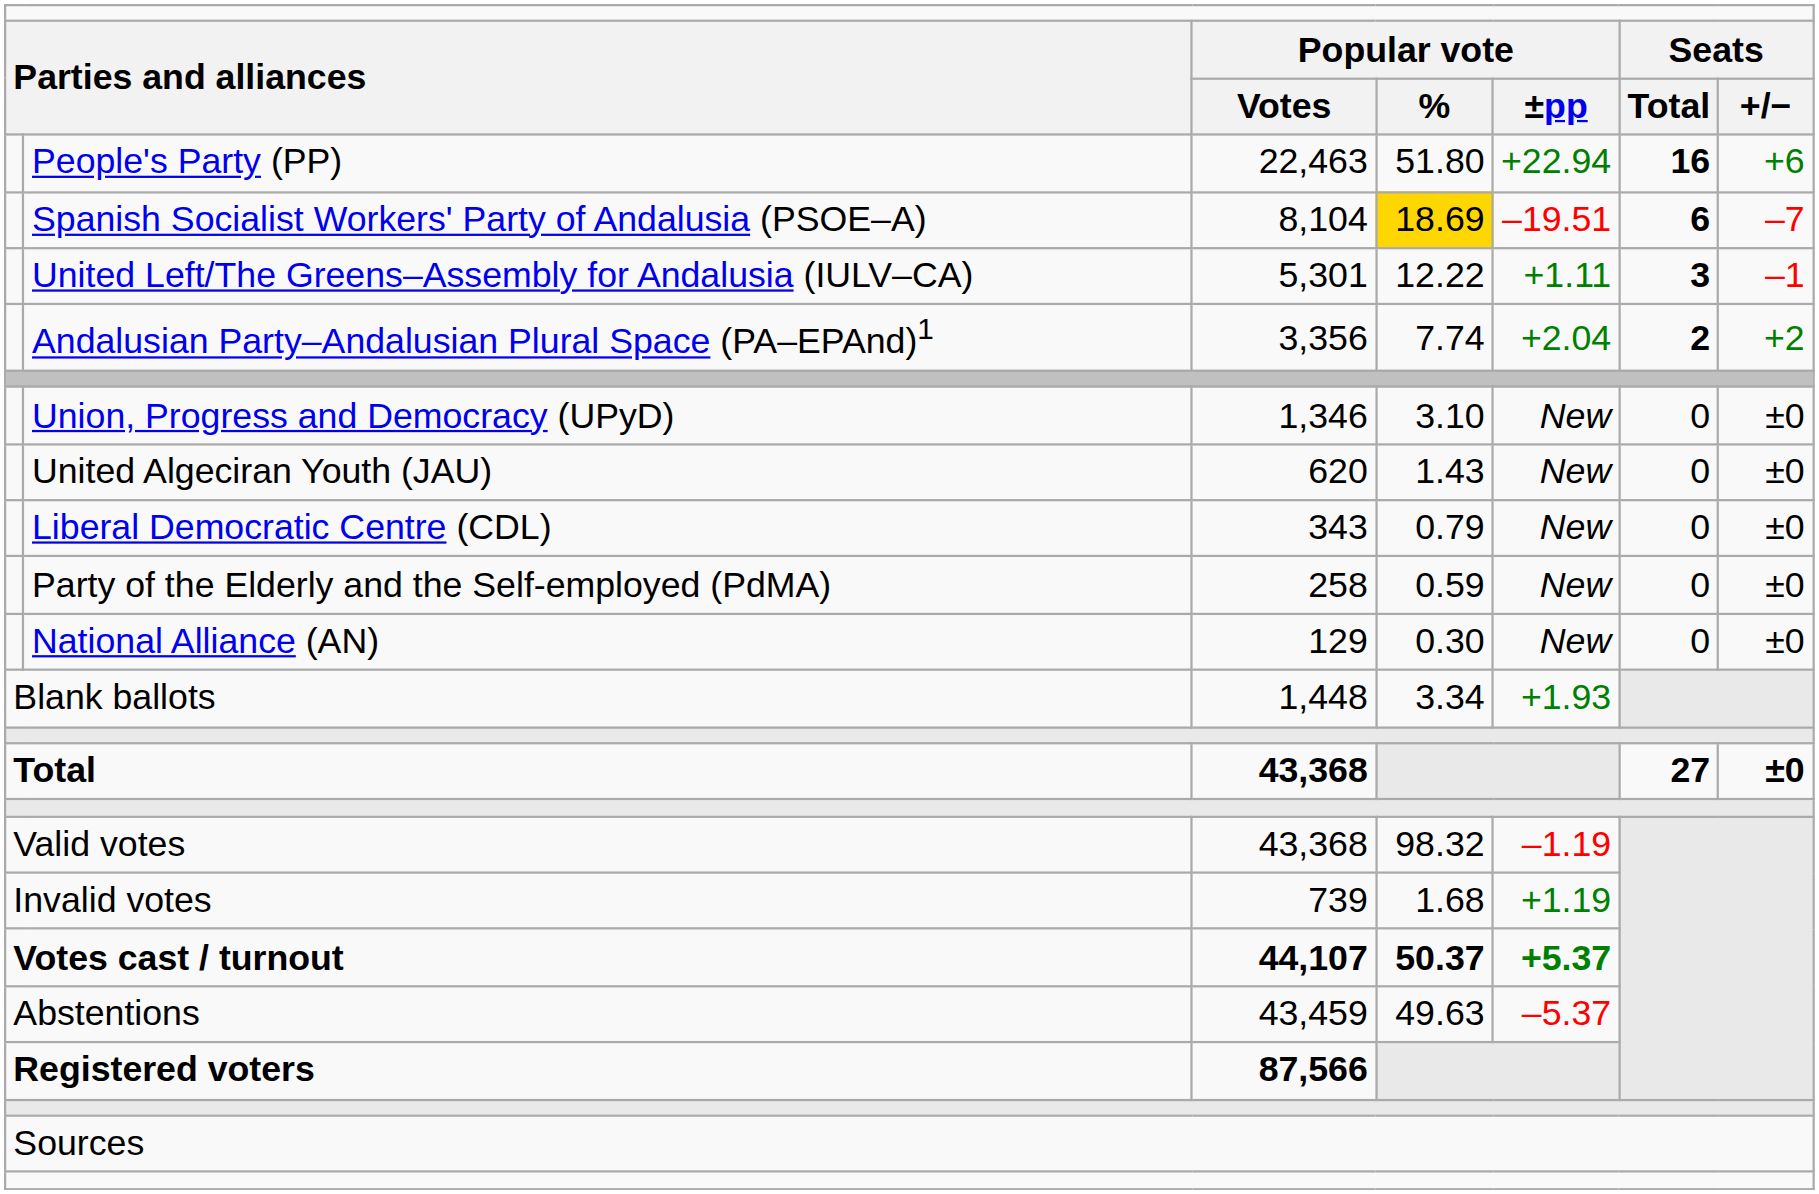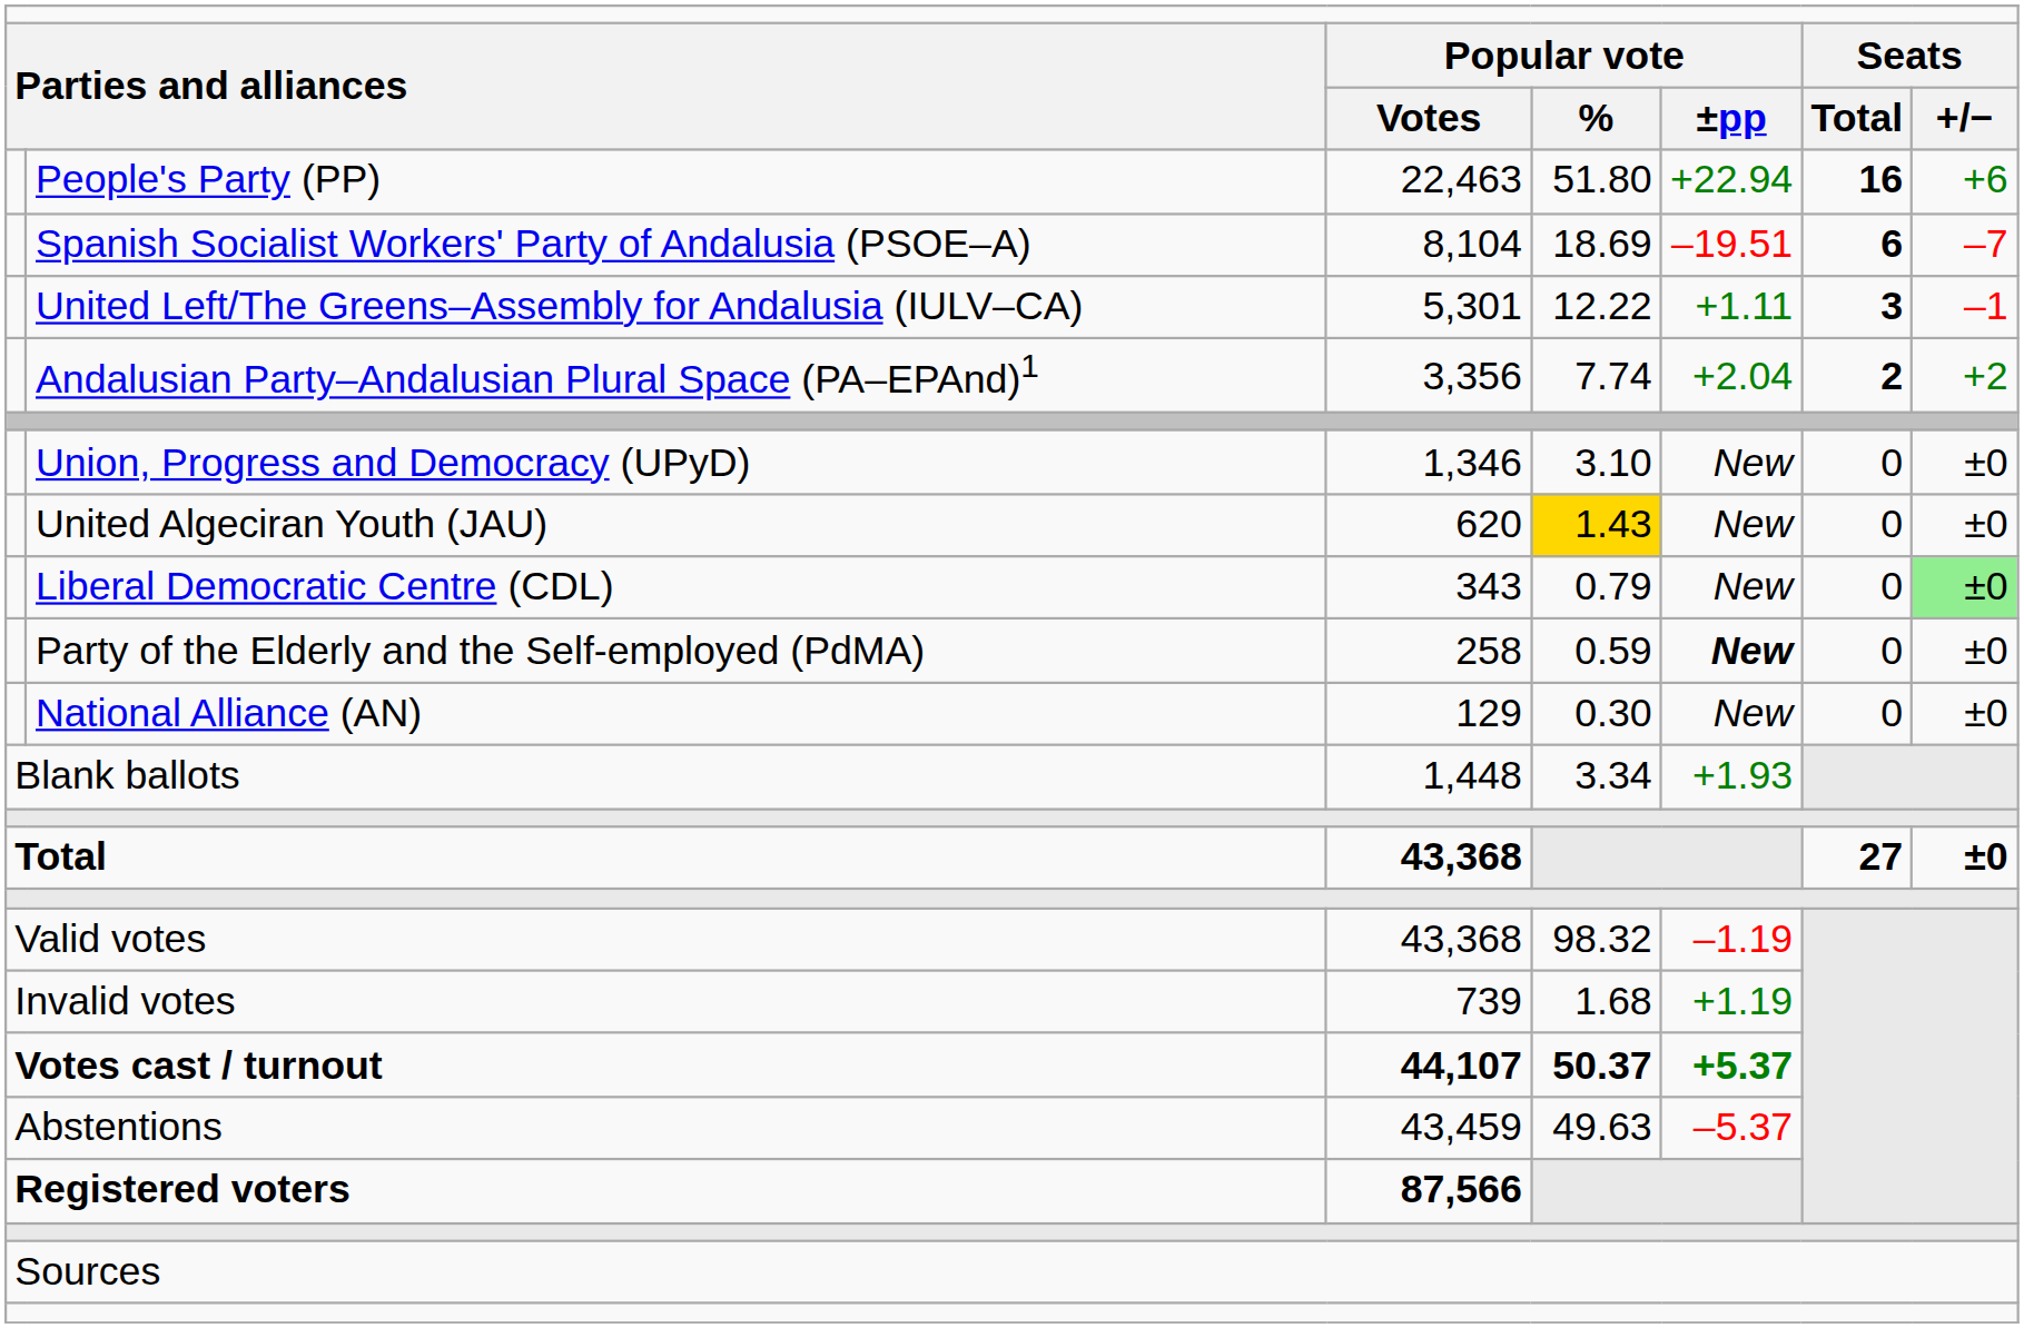 <table class="wikitable" style="text-align:right;">
 <tr>
 <td colspan="7"></td>
 </tr>
 <tr>
 <th style="text-align:left;" rowspan="2" colspan="2" width="525">Parties and alliances</th>
 <th colspan="3">Popular vote</th>
 <th colspan="2">Seats</th>
 </tr>
 <tr>
 <th width="75">Votes</th>
 <th width="45">%</th>
 <th width="45">±<a href='#'>pp</a></th>
 <th width="35">Total</th>
 <th width="35">+/−</th>
 </tr>
 <tr>
 <td width="1" style="color:inherit;background:"></td>
 <td align="left"><a href='#'>People's Party</a> (PP)</td>
 <td>22,463</td>
 <td>51.80</td>
 <td style="color:green;">+22.94</td>
 <td><strong>16</strong></td>
 <td style="color:green;">+6</td>
 </tr>
 <tr>
 <td style="color:inherit;background:"></td>
 <td align="left"><a href='#'>Spanish Socialist Workers' Party of Andalusia</a> (PSOE–A)</td>
 <td>8,104</td>
-<td style="background: gold;">18.69</td>
+<td>18.69</td>
 <td style="color:red;">–19.51</td>
 <td><strong>6</strong></td>
 <td style="color:red;">–7</td>
 </tr>
 <tr>
 <td style="color:inherit;background:"></td>
 <td align="left"><a href='#'>United Left/The Greens–Assembly for Andalusia</a> (IULV–CA)</td>
 <td>5,301</td>
 <td>12.22</td>
 <td style="color:green;">+1.11</td>
 <td><strong>3</strong></td>
 <td style="color:red;">–1</td>
 </tr>
 <tr>
 <td style="color:inherit;background:"></td>
 <td align="left"><a href='#'>Andalusian Party–Andalusian Plural Space</a> (PA–EPAnd)<sup>1</sup></td>
 <td>3,356</td>
 <td>7.74</td>
 <td style="color:green;">+2.04</td>
 <td><strong>2</strong></td>
 <td style="color:green;">+2</td>
 </tr>
 <tr>
 <td colspan="7" bgcolor="#C0C0C0"></td>
 </tr>
 <tr>
 <td style="color:inherit;background:"></td>
 <td align="left"><a href='#'>Union, Progress and Democracy</a> (UPyD)</td>
 <td>1,346</td>
 <td>3.10</td>
 <td><em>New</em></td>
 <td>0</td>
 <td>±0</td>
 </tr>
 <tr>
 <td style="color:inherit;background:"></td>
 <td align="left">United Algeciran Youth (JAU)</td>
 <td>620</td>
-<td>1.43</td>
+<td style="background: gold;">1.43</td>
 <td><em>New</em></td>
 <td>0</td>
 <td>±0</td>
 </tr>
 <tr>
 <td style="color:inherit;background:"></td>
 <td align="left"><a href='#'>Liberal Democratic Centre</a> (CDL)</td>
 <td>343</td>
 <td>0.79</td>
 <td><em>New</em></td>
 <td>0</td>
-<td>±0</td>
+<td style="background: lightgreen;">±0</td>
 </tr>
 <tr>
 <td style="color:inherit;background:"></td>
 <td align="left">Party of the Elderly and the Self-employed (PdMA)</td>
 <td>258</td>
 <td>0.59</td>
-<td><em>New</em></td>
+<td><strong><em>New</em></strong></td>
 <td>0</td>
 <td>±0</td>
 </tr>
 <tr>
 <td style="color:inherit;background:"></td>
 <td align="left"><a href='#'>National Alliance</a> (AN)</td>
 <td>129</td>
 <td>0.30</td>
 <td><em>New</em></td>
 <td>0</td>
 <td>±0</td>
 </tr>
 <tr>
 <td align="left" colspan="2">Blank ballots</td>
 <td>1,448</td>
 <td>3.34</td>
 <td style="color:green;">+1.93</td>
 <td bgcolor="#E9E9E9" colspan="2"></td>
 </tr>
 <tr>
 <td colspan="7" bgcolor="#E9E9E9"></td>
 </tr>
 <tr style="font-weight:bold;">
 <td align="left" colspan="2">Total</td>
 <td>43,368</td>
 <td bgcolor="#E9E9E9" colspan="2"></td>
 <td>27</td>
 <td>±0</td>
 </tr>
 <tr>
 <td colspan="7" bgcolor="#E9E9E9"></td>
 </tr>
 <tr>
 <td align="left" colspan="2">Valid votes</td>
 <td>43,368</td>
 <td>98.32</td>
 <td style="color:red;">–1.19</td>
 <td bgcolor="#E9E9E9" colspan="2" rowspan="5"></td>
 </tr>
 <tr>
 <td align="left" colspan="2">Invalid votes</td>
 <td>739</td>
 <td>1.68</td>
 <td style="color:green;">+1.19</td>
 </tr>
 <tr style="font-weight:bold;">
 <td align="left" colspan="2">Votes cast / turnout</td>
 <td>44,107</td>
 <td>50.37</td>
 <td style="color:green;">+5.37</td>
 </tr>
 <tr>
 <td align="left" colspan="2">Abstentions</td>
 <td>43,459</td>
 <td>49.63</td>
 <td style="color:red;">–5.37</td>
 </tr>
 <tr style="font-weight:bold;">
 <td align="left" colspan="2">Registered voters</td>
 <td>87,566</td>
 <td bgcolor="#E9E9E9" colspan="2"></td>
 </tr>
 <tr>
 <td colspan="7" bgcolor="#E9E9E9"></td>
 </tr>
 <tr>
 <td align="left" colspan="7">Sources</td>
 </tr>
 <tr>
 <td colspan="7" style="text-align:left; max-width:790px;"></td>
 </tr>
 </table>
